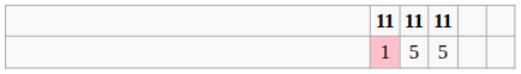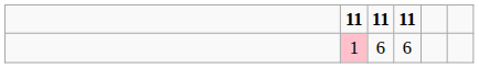 <table class="wikitable">
 <tr>
 <td style="width:18em"><strong></strong></td>
 <td align=center style="width:1em"><strong>11</strong></td>
 <td align=center style="width:1em"><strong>11</strong></td>
 <td align=center style="width:1em"><strong>11</strong></td>
 <td align=center style="width:1em"></td>
 <td align=center style="width:1em"></td>
 </tr>
 <tr>
 <td style="width:18em"></td>
 <td align=center style="background: pink; width:1em">1</td>
-<td align=center style="width:1em">5</td>
-<td align=center style="width:1em">5</td>
+<td align=center style="width:1em">6</td>
+<td align=center style="width:1em">6</td>
 <td align=center style="width:1em"></td>
 <td align=center style="width:1em"></td>
 </tr>
 </table>
